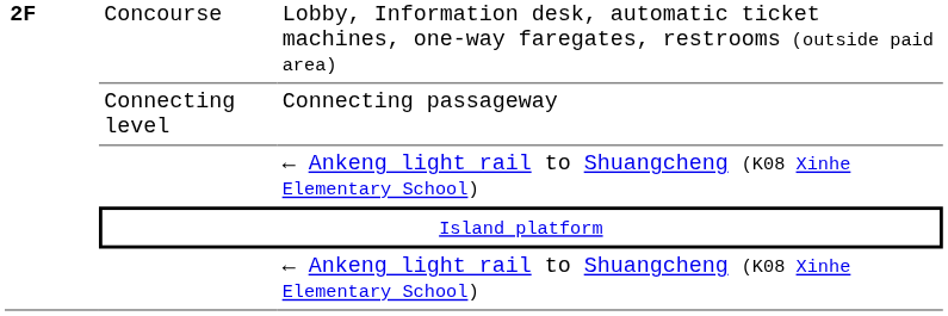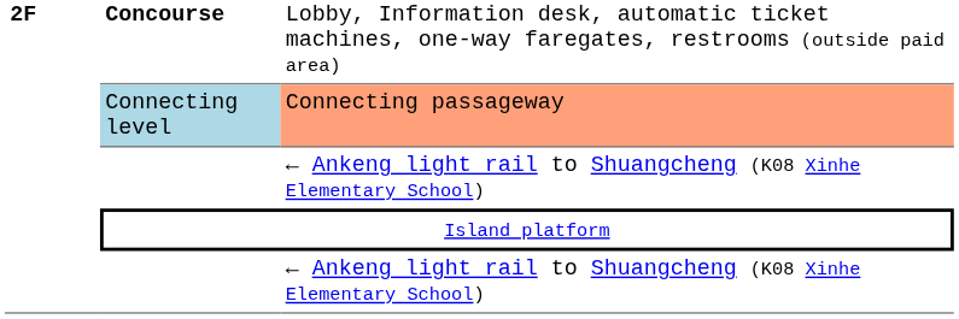 <table table border=0 cellspacing=0 cellpadding=3>
 <tr>
 <td style="border-bottom:solid 1px gray;" width=50 rowspan=10 valign=top><strong>2F</strong></td>
 </tr>
 <tr>
-<td style="border-bottom:solid 1px gray;" width=100 rowspan=1 valign=top>Concourse</td>
+<td style="border-bottom:solid 1px gray;" width=100 rowspan=1 valign=top><strong>Concourse</strong></td>
 <td style="border-bottom:solid 1px gray;" width=390 rowspan=1 valign=top>Lobby, Information desk, automatic ticket machines, one-way faregates, restrooms<small> (outside paid area)</small></td>
 </tr>
 <tr>
-<td style="border-bottom:solid 1px gray;" width=100 rowspan=1 valign=top>Connecting level</td>
-<td style="border-bottom:solid 1px gray;" width=390 rowspan=1 valign=top>Connecting passageway</td>
+<td style="background: lightblue; border-bottom:solid 1px gray;" width=100 rowspan=1 valign=top>Connecting level</td>
+<td style="background: lightsalmon; border-bottom:solid 1px gray;" width=390 rowspan=1 valign=top>Connecting passageway</td>
 </tr>
 <tr>
 <td style="border-bottom:solid 0px gray;border-top:solid 0px gray;" width=100></td>
 <td style="border-bottom:solid 0px gray;border-top:solid 0px gray;" width=390>←  <a href='#'>Ankeng light rail</a> to <a href='#'>Shuangcheng</a> <small>(K08 <a href='#'>Xinhe Elementary School</a>)</small></td>
 </tr>
 <tr>
 <td style="border-top:solid 2px black;border-right:solid 2px black;border-left:solid 2px black;border-bottom:solid 2px black;text-align:center;" colspan=2><small><a href='#'>Island platform</a></small></td>
 </tr>
 <tr>
 <td style="border-bottom:solid 1px gray;" width=100></td>
 <td style="border-bottom:solid 1px gray;" width=390>←  <a href='#'>Ankeng light rail</a> to <a href='#'>Shuangcheng</a> <small>(K08 <a href='#'>Xinhe Elementary School</a>)</small></td>
 </tr>
 <tr>
 </tr>
 </table>
